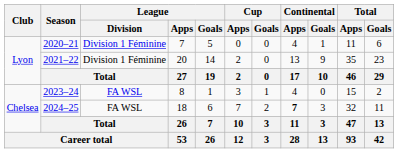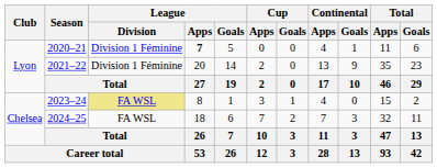 <table class="wikitable" style="text-align:center">
 <tr>
 <th rowspan=2>Club</th>
 <th rowspan=2>Season</th>
 <th colspan=3>League</th>
 <th colspan=2>Cup</th>
 <th colspan=2>Continental</th>
 <th colspan=2>Total</th>
 </tr>
 <tr>
 <th>Division</th>
 <th>Apps</th>
 <th>Goals</th>
 <th>Apps</th>
 <th>Goals</th>
 <th>Apps</th>
 <th>Goals</th>
 <th>Apps</th>
 <th>Goals</th>
 </tr>
 <tr>
 <td rowspan=3><a href='#'>Lyon</a></td>
 <td><a href='#'>2020–21</a></td>
 <td><a href='#'>Division 1 Féminine</a></td>
-<td>7</td>
+<td><strong>7</strong></td>
 <td>5</td>
 <td>0</td>
 <td>0</td>
 <td>4</td>
 <td>1</td>
 <td>11</td>
 <td>6</td>
 </tr>
 <tr>
 <td><a href='#'>2021–22</a></td>
 <td>Division 1 Féminine</td>
 <td>20</td>
 <td>14</td>
 <td>2</td>
 <td>0</td>
 <td>13</td>
 <td>9</td>
 <td>35</td>
 <td>23</td>
 </tr>
 <tr>
 <th colspan="2">Total</th>
 <th>27</th>
 <th>19</th>
 <th>2</th>
 <th>0</th>
 <th>17</th>
 <th>10</th>
 <th>46</th>
 <th>29</th>
 </tr>
 <tr>
 <td rowspan=3><a href='#'>Chelsea</a></td>
 <td><a href='#'>2023–24</a></td>
-<td><a href='#'>FA WSL</a></td>
+<td style="background: khaki;"><a href='#'>FA WSL</a></td>
 <td>8</td>
 <td>1</td>
 <td>3</td>
 <td>1</td>
 <td>4</td>
 <td>0</td>
 <td>15</td>
 <td>2</td>
 </tr>
 <tr>
 <td><a href='#'>2024–25</a></td>
 <td>FA WSL</td>
 <td>18</td>
 <td>6</td>
 <td>7</td>
 <td>2</td>
-<td><strong>7</strong></td>
+<td>7</td>
 <td>3</td>
 <td>32</td>
 <td>11</td>
 </tr>
 <tr>
 <th colspan="2">Total</th>
 <th>26</th>
 <th>7</th>
 <th>10</th>
 <th>3</th>
 <th>11</th>
 <th>3</th>
 <th>47</th>
 <th>13</th>
 </tr>
 <tr>
 <th colspan="3">Career total</th>
 <th>53</th>
 <th>26</th>
 <th>12</th>
 <th>3</th>
 <th>28</th>
 <th>13</th>
 <th>93</th>
 <th>42</th>
 </tr>
 </table>
